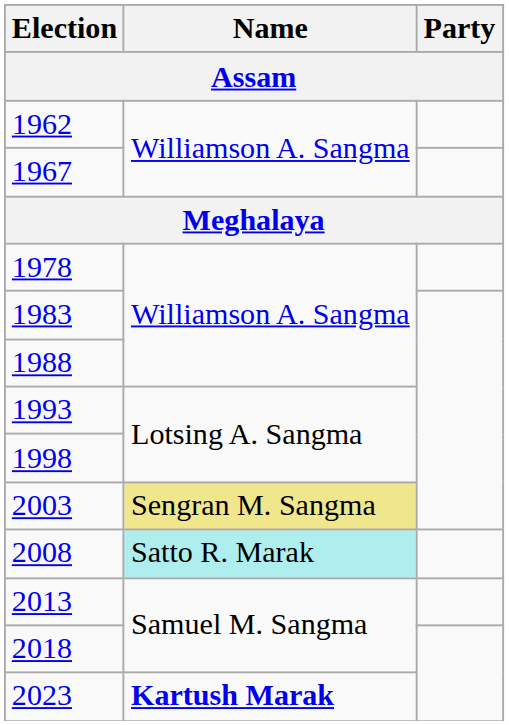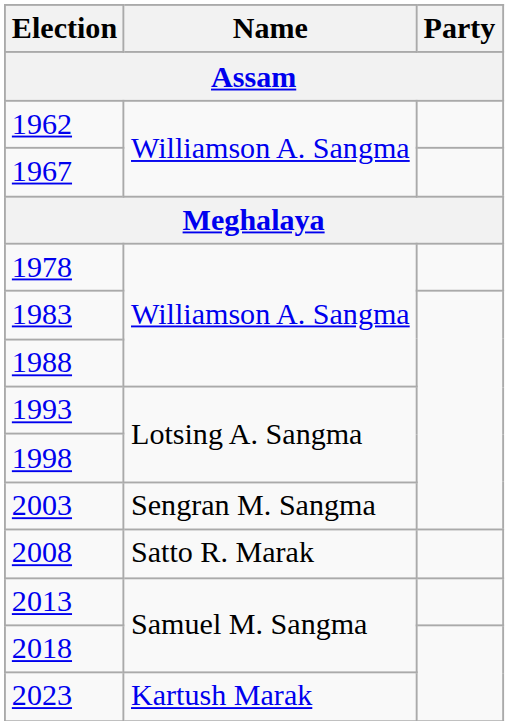 <table class="wikitable sortable">
 <tr>
 <th>Election</th>
 <th>Name</th>
 <th colspan=2>Party</th>
 </tr>
 <tr>
 <th colspan=4><a href='#'>Assam</a></th>
 </tr>
 <tr>
 <td><a href='#'>1962</a></td>
 <td rowspan="2"><a href='#'>Williamson A. Sangma</a></td>
 <td></td>
 </tr>
 <tr>
 <td><a href='#'>1967</a></td>
 </tr>
 <tr>
 <th colspan=4><a href='#'>Meghalaya</a></th>
 </tr>
 <tr>
 <td><a href='#'>1978</a></td>
 <td rowspan=3><a href='#'>Williamson A. Sangma</a></td>
 <td></td>
 </tr>
 <tr>
 <td><a href='#'>1983</a></td>
 </tr>
 <tr>
 <td><a href='#'>1988</a></td>
 </tr>
 <tr>
 <td><a href='#'>1993</a></td>
 <td rowspan=2>Lotsing A. Sangma</td>
 </tr>
 <tr>
 <td><a href='#'>1998</a></td>
 </tr>
 <tr>
 <td><a href='#'>2003</a></td>
-<td style="background: khaki;">Sengran M. Sangma</td>
+<td>Sengran M. Sangma</td>
 </tr>
 <tr>
 <td><a href='#'>2008</a></td>
-<td style="background: paleturquoise;">Satto R. Marak</td>
+<td>Satto R. Marak</td>
 <td></td>
 </tr>
 <tr>
 <td><a href='#'>2013</a></td>
 <td rowspan=2>Samuel M. Sangma</td>
 <td></td>
 </tr>
 <tr>
 <td><a href='#'>2018</a></td>
 </tr>
 <tr>
 <td><a href='#'>2023</a></td>
-<td><strong><a href='#'>Kartush Marak</a></strong></td>
+<td><a href='#'>Kartush Marak</a></td>
 </tr>
 </table>
